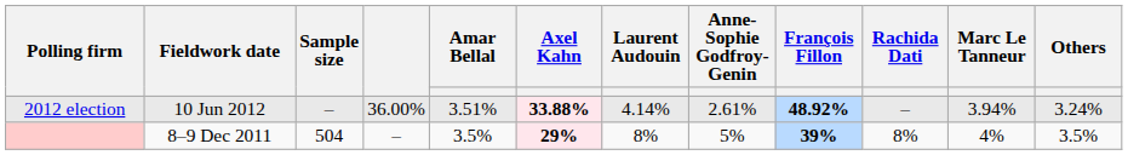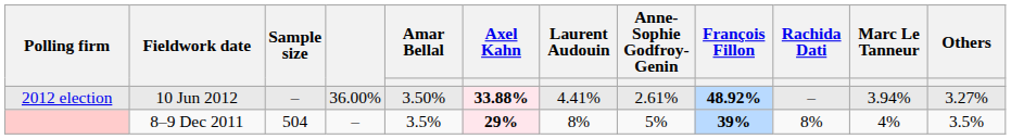 <table class="wikitable sortable" style="text-align:center;font-size:90%;line-height:14px;">
 <tr style="height:40px;">
 <th style="width:100px;" rowspan="2">Polling firm</th>
 <th style="width:110px;" rowspan="2">Fieldwork date</th>
 <th style="width:35px;" rowspan="2">Sample<br>size</th>
 <th style="width:30px;" rowspan="2"></th>
 <th class="unsortable" style="width:60px;">Amar Bellal<br></th>
 <th class="unsortable" style="width:60px;"><a href='#'>Axel Kahn</a><br></th>
 <th class="unsortable" style="width:60px;">Laurent Audouin<br></th>
 <th class="unsortable" style="width:60px;">Anne-Sophie Godfroy-Genin<br></th>
 <th class="unsortable" style="width:60px;"><a href='#'>François Fillon</a><br></th>
 <th class="unsortable" style="width:60px;"><a href='#'>Rachida Dati</a><br></th>
 <th class="unsortable" style="width:60px;">Marc Le Tanneur<br></th>
 <th class="unsortable" style="width:60px;">Others</th>
 </tr>
 <tr>
 <th style="background:"></th>
 <th style="background:"></th>
 <th style="background:"></th>
 <th style="background:"></th>
 <th style="background:"></th>
 <th style="background:"></th>
 <th style="background:"></th>
 <th style="background:"></th>
 </tr>
 <tr style="background:#E9E9E9;">
 <td><a href='#'>2012 election</a></td>
 <td data-sort-value="2012-06-10">10 Jun 2012</td>
 <td>–</td>
 <td>36.00%</td>
-<td>3.51%</td>
+<td>3.50%</td>
 <td style="background:#FFE6EC;"><strong>33.88%</strong></td>
-<td>4.14%</td>
+<td>4.41%</td>
 <td>2.61%</td>
 <td style="background:#B9DAFF;"><strong>48.92%</strong></td>
 <td>–</td>
 <td>3.94%</td>
-<td>3.24%</td>
+<td>3.27%</td>
 </tr>
 <tr>
 <td style="background:#FFCCCC;"></td>
 <td data-sort-value="2011-12-09">8–9 Dec 2011</td>
 <td>504</td>
 <td>–</td>
 <td>3.5%</td>
 <td style="background:#FFE6EC;"><strong>29%</strong></td>
 <td>8%</td>
 <td>5%</td>
 <td style="background:#B9DAFF;"><strong>39%</strong></td>
 <td>8%</td>
 <td>4%</td>
 <td>3.5%</td>
 </tr>
 </table>
